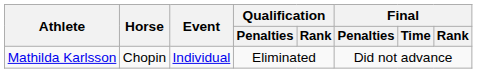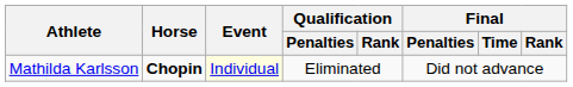 <table class="wikitable" style="font-size:90%">
 <tr>
 <th rowspan="2">Athlete</th>
 <th rowspan="2">Horse</th>
 <th rowspan="2">Event</th>
 <th colspan="2">Qualification</th>
 <th colspan="3">Final</th>
 </tr>
 <tr style="font-size:95%">
 <th>Penalties</th>
 <th>Rank</th>
 <th>Penalties</th>
 <th>Time</th>
 <th>Rank</th>
 </tr>
 <tr align=center>
 <td align=left><a href='#'>Mathilda Karlsson</a></td>
-<td align=left>Chopin</td>
-<td align=left><a href='#'>Individual</a></td>
+<td align=left><strong>Chopin</strong></td>
+<td align=left style="background: lightyellow;"><a href='#'>Individual</a></td>
 <td colspan="2">Eliminated</td>
 <td colspan="3">Did not advance</td>
 </tr>
 </table>
